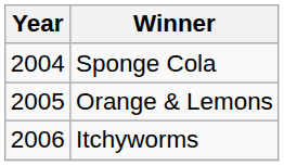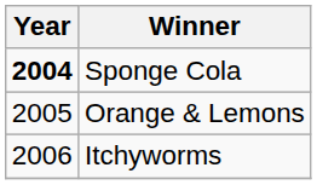 <table class="wikitable">
 <tr>
 <th>Year</th>
 <th>Winner</th>
 </tr>
 <tr>
-<td>2004</td>
+<td><strong>2004</strong></td>
 <td>Sponge Cola</td>
 </tr>
 <tr>
 <td>2005</td>
 <td>Orange & Lemons</td>
 </tr>
 <tr>
 <td>2006</td>
 <td>Itchyworms</td>
 </tr>
 <tr>
 </tr>
 </table>
